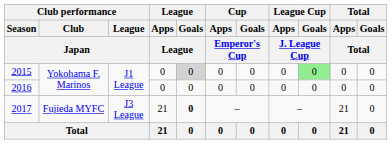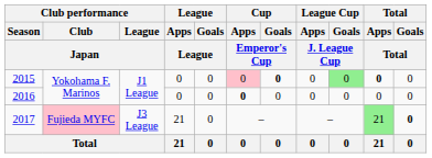 <table class="wikitable" style="text-align:center;">
 <tr>
 <th colspan=3>Club performance</th>
 <th colspan=2>League</th>
 <th colspan=2>Cup</th>
 <th colspan=2>League Cup</th>
 <th colspan=2>Total</th>
 </tr>
 <tr>
 <th>Season</th>
 <th>Club</th>
 <th>League</th>
 <th>Apps</th>
 <th>Goals</th>
 <th>Apps</th>
 <th>Goals</th>
 <th>Apps</th>
 <th>Goals</th>
 <th>Apps</th>
 <th>Goals</th>
 </tr>
 <tr>
 <th colspan=3>Japan</th>
 <th colspan=2>League</th>
 <th colspan=2><a href='#'>Emperor's Cup</a></th>
 <th colspan=2><a href='#'>J. League Cup</a></th>
 <th colspan=2>Total</th>
 </tr>
 <tr>
 <td><a href='#'>2015</a></td>
 <td rowspan="2"><a href='#'>Yokohama F. Marinos</a></td>
 <td rowspan="2"><a href='#'>J1 League</a></td>
 <td>0</td>
-<td style="background: lightgrey;">0</td>
 <td>0</td>
-<td>0</td>
+<td style="background: pink;">0</td>
+<td><strong>0</strong></td>
 <td>0</td>
 <td style="background: lightgreen;">0</td>
-<td>0</td>
+<td><strong>0</strong></td>
 <td>0</td>
 </tr>
 <tr>
 <td><a href='#'>2016</a></td>
 <td>0</td>
 <td>0</td>
-<td>0</td>
+<td><strong>0</strong></td>
 <td>0</td>
 <td>0</td>
 <td>0</td>
 <td>0</td>
 <td>0</td>
 </tr>
 <tr>
 <td><a href='#'>2017</a></td>
-<td><a href='#'>Fujieda MYFC</a></td>
+<td style="background: pink;"><a href='#'>Fujieda MYFC</a></td>
 <td><a href='#'>J3 League</a></td>
 <td>21</td>
-<td><strong>0</strong></td>
+<td>0</td>
 <td colspan="2">–</td>
 <td colspan="2">–</td>
-<td>21</td>
-<td>0</td>
+<td style="background: lightgreen;">21</td>
+<td><strong>0</strong></td>
 </tr>
 <tr>
 <th colspan=3>Total</th>
 <th>21</th>
 <th>0</th>
 <th>0</th>
 <th>0</th>
 <th>0</th>
 <th>0</th>
 <th>21</th>
 <th>0</th>
 </tr>
 </table>
